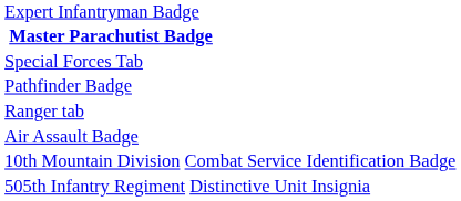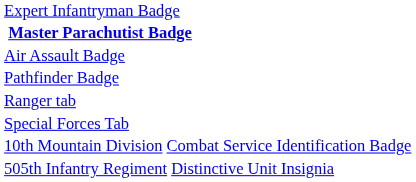 <table>
 <tr>
 <td> <a href='#'>Expert Infantryman Badge</a></td>
 </tr>
 <tr>
 <td><strong> <a href='#'>Master Parachutist Badge</a></strong></td>
 </tr>
 <tr>
-<td> <a href='#'>Special Forces Tab</a></td>
+<td> <a href='#'>Air Assault Badge</a></td>
 </tr>
 <tr>
 <td> <a href='#'>Pathfinder Badge</a></td>
 </tr>
 <tr>
 <td> <a href='#'>Ranger tab</a></td>
 </tr>
 <tr>
-<td> <a href='#'>Air Assault Badge</a></td>
+<td> <a href='#'>Special Forces Tab</a></td>
 </tr>
 <tr>
 <td> <a href='#'>10th Mountain Division</a> <a href='#'>Combat Service Identification Badge</a></td>
 </tr>
 <tr>
 <td> <a href='#'>505th Infantry Regiment</a> <a href='#'>Distinctive Unit Insignia</a></td>
 </tr>
 </table>
